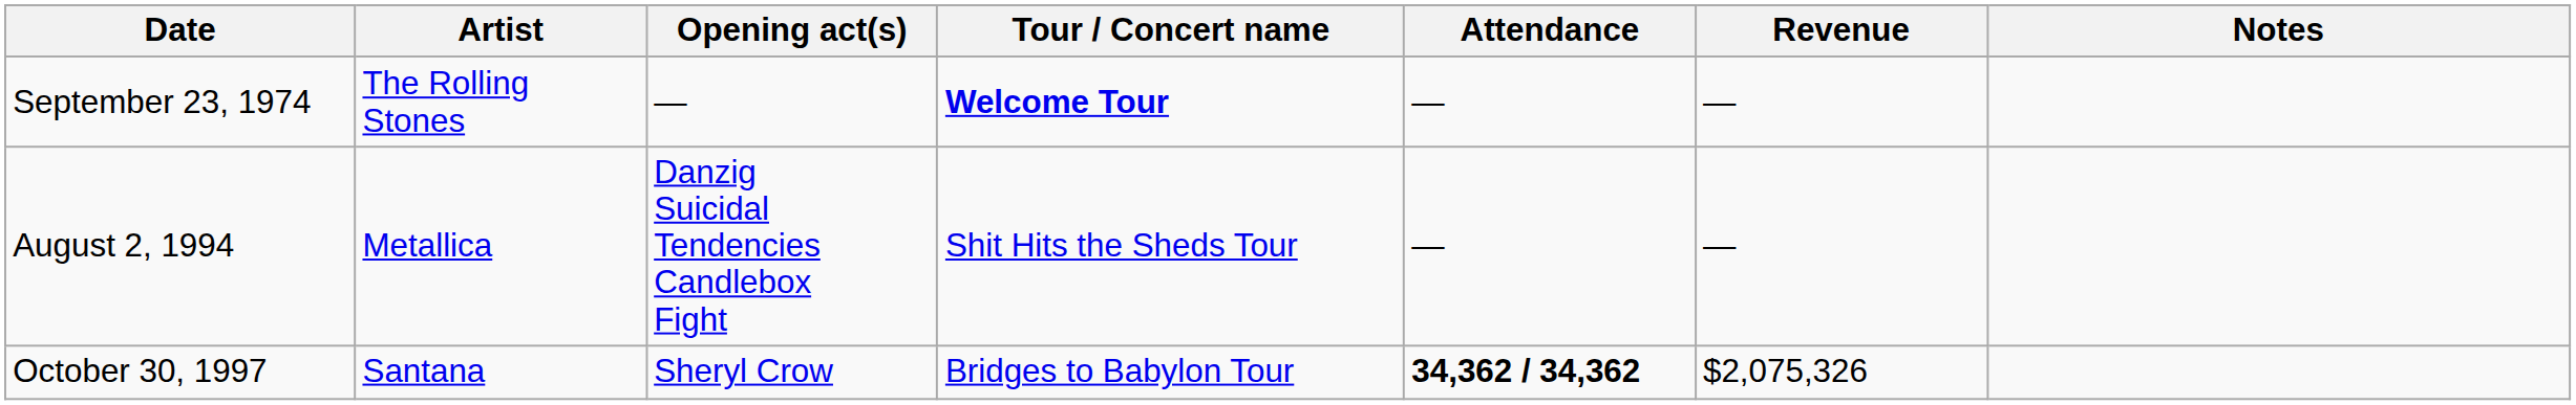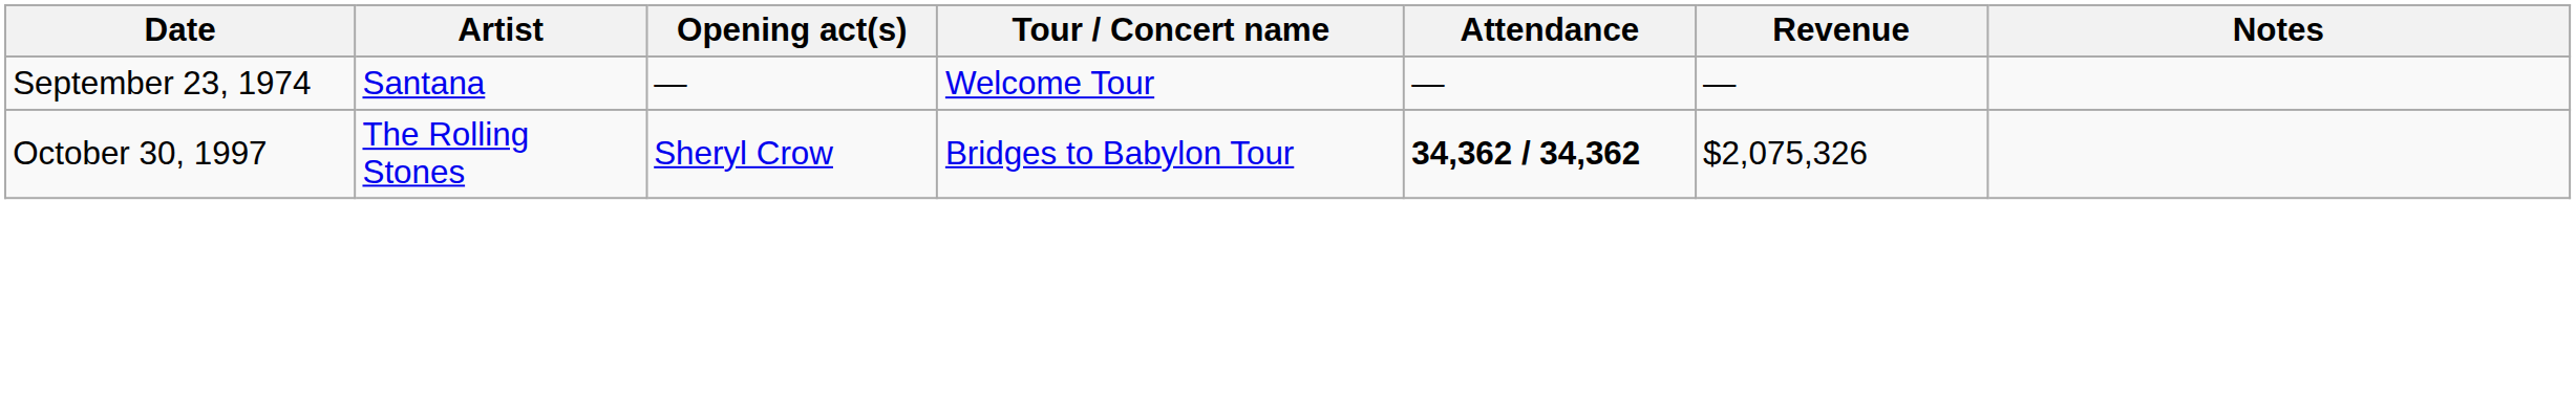 <table class="wikitable" style=font-size:100% style="text-align:center">
 <tr>
 <th width=12%>Date</th>
 <th width=10%>Artist</th>
 <th width=10%>Opening act(s)</th>
 <th width=16%>Tour / Concert name</th>
 <th width=10%>Attendance</th>
 <th width=10%>Revenue</th>
 <th width=20%>Notes</th>
 </tr>
 <tr>
 <td>September 23, 1974</td>
-<td><a href='#'>The Rolling Stones</a></td>
+<td><a href='#'>Santana</a></td>
 <td>—</td>
-<td><strong><a href='#'>Welcome Tour</a></strong></td>
-<td>—</td>
-<td>—</td>
-<td></td>
-</tr>
-<tr>
-<td>August 2, 1994</td>
-<td><a href='#'>Metallica</a></td>
-<td><a href='#'>Danzig</a><br><a href='#'>Suicidal Tendencies</a><br><a href='#'>Candlebox</a><br><a href='#'>Fight</a></td>
-<td><a href='#'>Shit Hits the Sheds Tour</a></td>
+<td><a href='#'>Welcome Tour</a></td>
 <td>—</td>
 <td>—</td>
 <td></td>
 </tr>
 <tr>
 <td>October 30, 1997</td>
-<td><a href='#'>Santana</a></td>
+<td><a href='#'>The Rolling Stones</a></td>
 <td><a href='#'>Sheryl Crow</a></td>
 <td><a href='#'>Bridges to Babylon Tour</a></td>
 <td><strong>34,362 / 34,362</strong></td>
 <td>$2,075,326</td>
 <td></td>
 </tr>
 </table>
